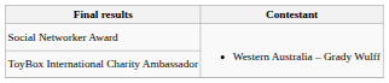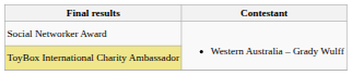 <table class="wikitable sortable" style="font-size: 95%;">
 <tr>
 <th>Final results</th>
 <th>Contestant</th>
 </tr>
 <tr>
 <td>Social Networker Award</td>
 <td rowspan="2"><br><ul><li>Western Australia – Grady Wulff</li></ul></td>
 </tr>
 <tr>
-<td>ToyBox International Charity Ambassador</td>
+<td style="background: khaki;">ToyBox International Charity Ambassador</td>
 </tr>
 <tr>
 </tr>
 </table>
